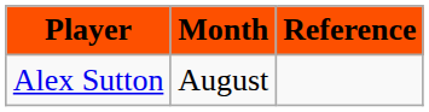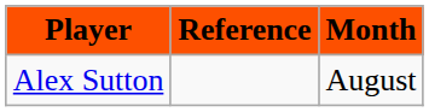 <table class=wikitable>
 <tr>
 <th style="background:#FD5000; color:#000000;">Player</th>
+<th style="background:#FD5000; color:#000000;">Reference</th>
 <th style="background:#FD5000; color:#000000;">Month</th>
-<th style="background:#FD5000; color:#000000;">Reference</th>
 </tr>
 <tr>
 <td> <a href='#'>Alex Sutton</a></td>
+<td></td>
 <td>August</td>
-<td></td>
 </tr>
 </table>
